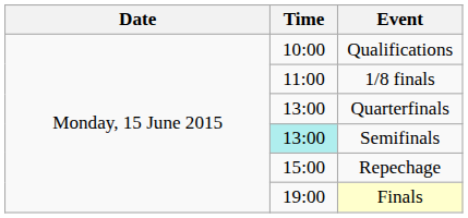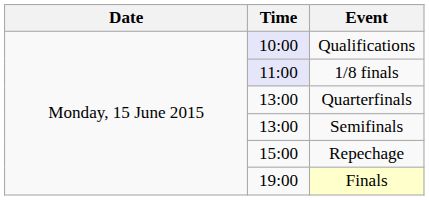 <table class = "wikitable" style="text-align:center;">
 <tr>
 <th width=220>Date</th>
 <th width=50>Time</th>
 <th width=100>Event</th>
 </tr>
 <tr>
 <td rowspan=6>Monday, 15 June 2015</td>
-<td>10:00</td>
+<td style="background: lavender;">10:00</td>
 <td>Qualifications</td>
 </tr>
 <tr>
-<td>11:00</td>
+<td style="background: lavender;">11:00</td>
 <td>1/8 finals</td>
 </tr>
 <tr>
 <td>13:00</td>
 <td>Quarterfinals</td>
 </tr>
 <tr>
-<td style="background: paleturquoise;">13:00</td>
+<td>13:00</td>
 <td>Semifinals</td>
 </tr>
 <tr>
 <td>15:00</td>
 <td>Repechage</td>
 </tr>
 <tr>
 <td>19:00</td>
 <td bgcolor=ffffcc>Finals</td>
 </tr>
 </table>
